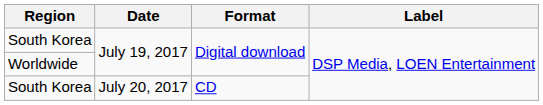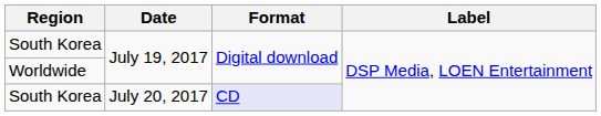 <table class="wikitable">
 <tr>
 <th>Region</th>
 <th>Date</th>
 <th>Format</th>
 <th>Label</th>
 </tr>
 <tr>
 <td>South Korea</td>
 <td rowspan="2">July 19, 2017</td>
 <td rowspan="2"><a href='#'>Digital download</a></td>
 <td rowspan="3"><a href='#'>DSP Media</a>, <a href='#'>LOEN Entertainment</a></td>
 </tr>
 <tr>
 <td>Worldwide</td>
 </tr>
 <tr>
 <td>South Korea</td>
 <td>July 20, 2017</td>
-<td><a href='#'>CD</a></td>
+<td style="background: lavender;"><a href='#'>CD</a></td>
 </tr>
 </table>
